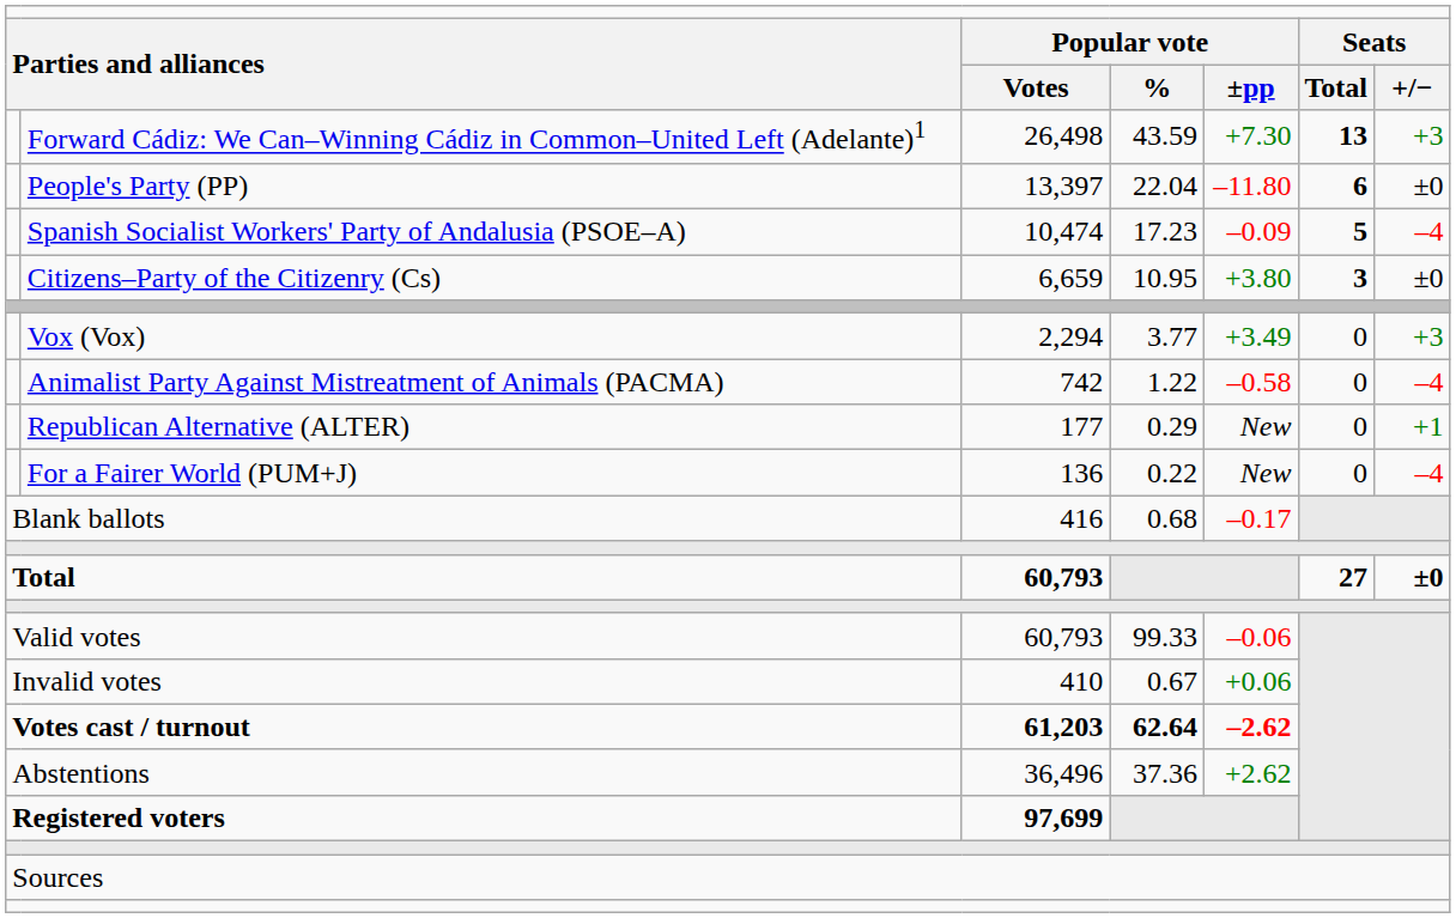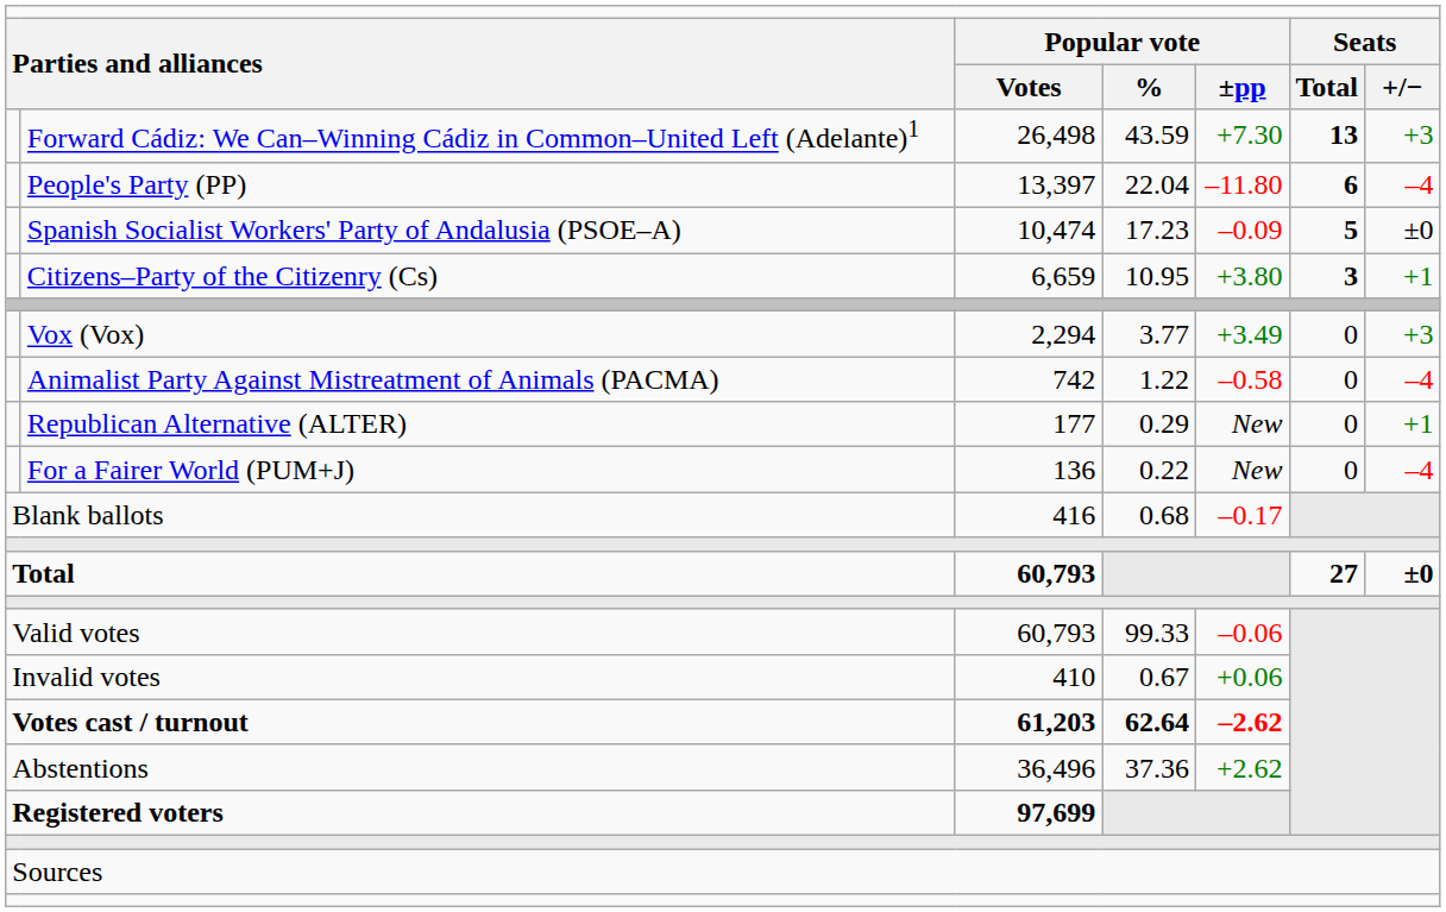 <table class="wikitable" style="text-align:right;">
 <tr>
 <td colspan="7"></td>
 </tr>
 <tr>
 <th style="text-align:left;" rowspan="2" colspan="2" width="525">Parties and alliances</th>
 <th colspan="3">Popular vote</th>
 <th colspan="2">Seats</th>
 </tr>
 <tr>
 <th width="75">Votes</th>
 <th width="45">%</th>
 <th width="45">±<a href='#'>pp</a></th>
 <th width="35">Total</th>
 <th width="35">+/−</th>
 </tr>
 <tr>
 <td width="1" style="color:inherit;background:"></td>
 <td align="left"><a href='#'>Forward Cádiz: We Can–Winning Cádiz in Common–United Left</a> (Adelante)<sup>1</sup></td>
 <td>26,498</td>
 <td>43.59</td>
 <td style="color:green;">+7.30</td>
 <td><strong>13</strong></td>
 <td style="color:green;">+3</td>
 </tr>
 <tr>
 <td style="color:inherit;background:"></td>
 <td align="left"><a href='#'>People's Party</a> (PP)</td>
 <td>13,397</td>
 <td>22.04</td>
 <td style="color:red;">–11.80</td>
 <td><strong>6</strong></td>
-<td>±0</td>
+<td style="color:red;">–4</td>
 </tr>
 <tr>
 <td style="color:inherit;background:"></td>
 <td align="left"><a href='#'>Spanish Socialist Workers' Party of Andalusia</a> (PSOE–A)</td>
 <td>10,474</td>
 <td>17.23</td>
 <td style="color:red;">–0.09</td>
 <td><strong>5</strong></td>
-<td style="color:red;">–4</td>
+<td>±0</td>
 </tr>
 <tr>
 <td style="color:inherit;background:"></td>
 <td align="left"><a href='#'>Citizens–Party of the Citizenry</a> (Cs)</td>
 <td>6,659</td>
 <td>10.95</td>
 <td style="color:green;">+3.80</td>
 <td><strong>3</strong></td>
-<td>±0</td>
+<td style="color:green;">+1</td>
 </tr>
 <tr>
 <td colspan="7" bgcolor="#C0C0C0"></td>
 </tr>
 <tr>
 <td style="color:inherit;background:"></td>
 <td align="left"><a href='#'>Vox</a> (Vox)</td>
 <td>2,294</td>
 <td>3.77</td>
 <td style="color:green;">+3.49</td>
 <td>0</td>
 <td style="color:green;">+3</td>
 </tr>
 <tr>
 <td style="color:inherit;background:"></td>
 <td align="left"><a href='#'>Animalist Party Against Mistreatment of Animals</a> (PACMA)</td>
 <td>742</td>
 <td>1.22</td>
 <td style="color:red;">–0.58</td>
 <td>0</td>
 <td style="color:red;">–4</td>
 </tr>
 <tr>
 <td style="color:inherit;background:"></td>
 <td align="left"><a href='#'>Republican Alternative</a> (ALTER)</td>
 <td>177</td>
 <td>0.29</td>
 <td><em>New</em></td>
 <td>0</td>
 <td style="color:green;">+1</td>
 </tr>
 <tr>
 <td style="color:inherit;background:"></td>
 <td align="left"><a href='#'>For a Fairer World</a> (PUM+J)</td>
 <td>136</td>
 <td>0.22</td>
 <td><em>New</em></td>
 <td>0</td>
 <td style="color:red;">–4</td>
 </tr>
 <tr>
 <td align="left" colspan="2">Blank ballots</td>
 <td>416</td>
 <td>0.68</td>
 <td style="color:red;">–0.17</td>
 <td bgcolor="#E9E9E9" colspan="2"></td>
 </tr>
 <tr>
 <td colspan="7" bgcolor="#E9E9E9"></td>
 </tr>
 <tr style="font-weight:bold;">
 <td align="left" colspan="2">Total</td>
 <td>60,793</td>
 <td bgcolor="#E9E9E9" colspan="2"></td>
 <td>27</td>
 <td>±0</td>
 </tr>
 <tr>
 <td colspan="7" bgcolor="#E9E9E9"></td>
 </tr>
 <tr>
 <td align="left" colspan="2">Valid votes</td>
 <td>60,793</td>
 <td>99.33</td>
 <td style="color:red;">–0.06</td>
 <td bgcolor="#E9E9E9" colspan="2" rowspan="5"></td>
 </tr>
 <tr>
 <td align="left" colspan="2">Invalid votes</td>
 <td>410</td>
 <td>0.67</td>
 <td style="color:green;">+0.06</td>
 </tr>
 <tr style="font-weight:bold;">
 <td align="left" colspan="2">Votes cast / turnout</td>
 <td>61,203</td>
 <td>62.64</td>
 <td style="color:red;">–2.62</td>
 </tr>
 <tr>
 <td align="left" colspan="2">Abstentions</td>
 <td>36,496</td>
 <td>37.36</td>
 <td style="color:green;">+2.62</td>
 </tr>
 <tr style="font-weight:bold;">
 <td align="left" colspan="2">Registered voters</td>
 <td>97,699</td>
 <td bgcolor="#E9E9E9" colspan="2"></td>
 </tr>
 <tr>
 <td colspan="7" bgcolor="#E9E9E9"></td>
 </tr>
 <tr>
 <td align="left" colspan="7">Sources</td>
 </tr>
 <tr>
 <td colspan="7" style="text-align:left; max-width:790px;"></td>
 </tr>
 </table>
